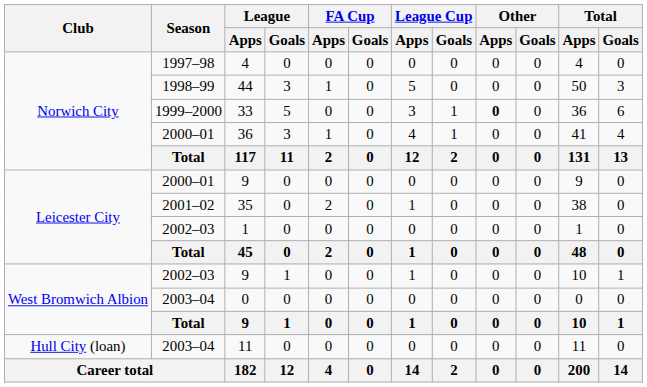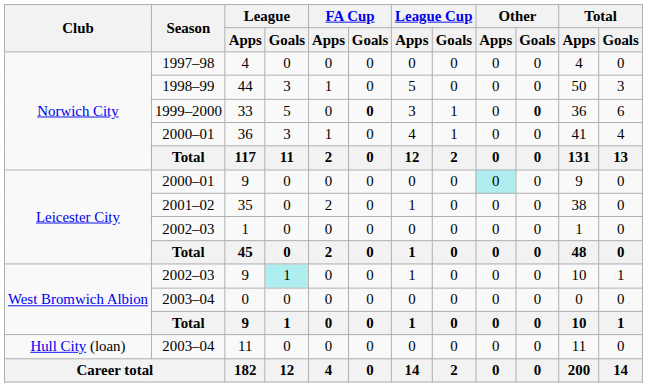 <table class="wikitable" style="text-align: center">
 <tr>
 <th rowspan="2">Club</th>
 <th rowspan="2">Season</th>
 <th colspan="2">League</th>
 <th colspan="2"><a href='#'>FA Cup</a></th>
 <th colspan="2"><a href='#'>League Cup</a></th>
 <th colspan="2">Other</th>
 <th colspan="2">Total</th>
 </tr>
 <tr>
 <th>Apps</th>
 <th>Goals</th>
 <th>Apps</th>
 <th>Goals</th>
 <th>Apps</th>
 <th>Goals</th>
 <th>Apps</th>
 <th>Goals</th>
 <th>Apps</th>
 <th>Goals</th>
 </tr>
 <tr>
 <td rowspan="5"><a href='#'>Norwich City</a></td>
 <td>1997–98</td>
 <td>4</td>
 <td>0</td>
 <td>0</td>
 <td>0</td>
 <td>0</td>
 <td>0</td>
 <td>0</td>
 <td>0</td>
 <td>4</td>
 <td>0</td>
 </tr>
 <tr>
 <td>1998–99</td>
 <td>44</td>
 <td>3</td>
 <td>1</td>
 <td>0</td>
 <td>5</td>
 <td>0</td>
 <td>0</td>
 <td>0</td>
 <td>50</td>
 <td>3</td>
 </tr>
 <tr>
 <td>1999–2000</td>
 <td>33</td>
 <td>5</td>
 <td>0</td>
-<td>0</td>
+<td><strong>0</strong></td>
 <td>3</td>
 <td>1</td>
+<td>0</td>
 <td><strong>0</strong></td>
-<td>0</td>
 <td>36</td>
 <td>6</td>
 </tr>
 <tr>
 <td>2000–01</td>
 <td>36</td>
 <td>3</td>
 <td>1</td>
 <td>0</td>
 <td>4</td>
 <td>1</td>
 <td>0</td>
 <td>0</td>
 <td>41</td>
 <td>4</td>
 </tr>
 <tr>
 <th colspan="1">Total</th>
 <th>117</th>
 <th>11</th>
 <th>2</th>
 <th>0</th>
 <th>12</th>
 <th>2</th>
 <th>0</th>
 <th>0</th>
 <th>131</th>
 <th>13</th>
 </tr>
 <tr>
 <td rowspan="4"><a href='#'>Leicester City</a></td>
 <td>2000–01</td>
 <td>9</td>
 <td>0</td>
 <td>0</td>
 <td>0</td>
 <td>0</td>
 <td>0</td>
-<td>0</td>
+<td style="background: paleturquoise;">0</td>
 <td>0</td>
 <td>9</td>
 <td>0</td>
 </tr>
 <tr>
 <td>2001–02</td>
 <td>35</td>
 <td>0</td>
 <td>2</td>
 <td>0</td>
 <td>1</td>
 <td>0</td>
 <td>0</td>
 <td>0</td>
 <td>38</td>
 <td>0</td>
 </tr>
 <tr>
 <td>2002–03</td>
 <td>1</td>
 <td>0</td>
 <td>0</td>
 <td>0</td>
 <td>0</td>
 <td>0</td>
 <td>0</td>
 <td>0</td>
 <td>1</td>
 <td>0</td>
 </tr>
 <tr>
 <th colspan="1">Total</th>
 <th>45</th>
 <th>0</th>
 <th>2</th>
 <th>0</th>
 <th>1</th>
 <th>0</th>
 <th>0</th>
 <th>0</th>
 <th>48</th>
 <th>0</th>
 </tr>
 <tr>
 <td rowspan="3"><a href='#'>West Bromwich Albion</a></td>
 <td>2002–03</td>
 <td>9</td>
-<td>1</td>
+<td style="background: paleturquoise;">1</td>
 <td>0</td>
 <td>0</td>
 <td>1</td>
 <td>0</td>
 <td>0</td>
 <td>0</td>
 <td>10</td>
 <td>1</td>
 </tr>
 <tr>
 <td>2003–04</td>
 <td>0</td>
 <td>0</td>
 <td>0</td>
 <td>0</td>
 <td>0</td>
 <td>0</td>
 <td>0</td>
 <td>0</td>
 <td>0</td>
 <td>0</td>
 </tr>
 <tr>
 <th colspan="1">Total</th>
 <th>9</th>
 <th>1</th>
 <th>0</th>
 <th>0</th>
 <th>1</th>
 <th>0</th>
 <th>0</th>
 <th>0</th>
 <th>10</th>
 <th>1</th>
 </tr>
 <tr>
 <td><a href='#'>Hull City</a> (loan)</td>
 <td>2003–04</td>
 <td>11</td>
 <td>0</td>
 <td>0</td>
 <td>0</td>
 <td>0</td>
 <td>0</td>
 <td>0</td>
 <td>0</td>
 <td>11</td>
 <td>0</td>
 </tr>
 <tr>
 <th colspan="2">Career total</th>
 <th>182</th>
 <th>12</th>
 <th>4</th>
 <th>0</th>
 <th>14</th>
 <th>2</th>
 <th>0</th>
 <th>0</th>
 <th>200</th>
 <th>14</th>
 </tr>
 </table>
